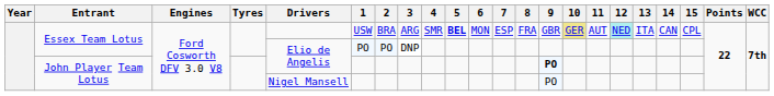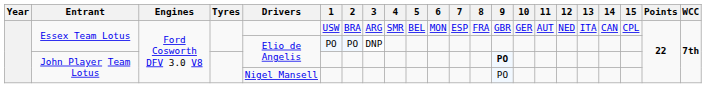 <table class="wikitable" style="text-align:center; font-size:90%">
 <tr>
 <th>Year</th>
 <th>Entrant</th>
 <th>Engines</th>
 <th>Tyres</th>
 <th>Drivers</th>
 <th>1</th>
 <th>2</th>
 <th>3</th>
 <th>4</th>
 <th>5</th>
 <th>6</th>
 <th>7</th>
 <th>8</th>
 <th>9</th>
 <th>10</th>
 <th>11</th>
 <th>12</th>
 <th>13</th>
 <th>14</th>
 <th>15</th>
 <th>Points</th>
 <th>WCC</th>
 </tr>
 <tr>
 <th rowspan="4"></th>
 <td rowspan="2"><a href='#'>Essex Team Lotus</a></td>
 <td rowspan="4"><a href='#'>Ford</a> <a href='#'>Cosworth<br> DFV</a> 3.0 <a href='#'>V8</a></td>
 <td rowspan="2"></td>
 <td></td>
 <td><a href='#'>USW</a></td>
 <td><a href='#'>BRA</a></td>
 <td><a href='#'>ARG</a></td>
 <td><a href='#'>SMR</a></td>
-<td><strong><a href='#'>BEL</a></strong></td>
+<td><a href='#'>BEL</a></td>
 <td><a href='#'>MON</a></td>
 <td><a href='#'>ESP</a></td>
 <td><a href='#'>FRA</a></td>
 <td><a href='#'>GBR</a></td>
-<td style="background: khaki;"><a href='#'>GER</a></td>
+<td><a href='#'>GER</a></td>
 <td><a href='#'>AUT</a></td>
-<td style="background: paleturquoise;"><a href='#'>NED</a></td>
+<td><a href='#'>NED</a></td>
 <td><a href='#'>ITA</a></td>
 <td><a href='#'>CAN</a></td>
 <td><a href='#'>CPL</a></td>
 <td rowspan="4"><strong>22</strong></td>
 <td rowspan="4"><strong>7th</strong></td>
 </tr>
 <tr>
 <td rowspan="2"><a href='#'>Elio de Angelis</a></td>
 <td style="background:#F1F8FF;">PO</td>
 <td style="background:#F1F8FF;">PO</td>
 <td style="background:#FFFFFF;">DNP</td>
 <td></td>
 <td></td>
 <td></td>
 <td></td>
 <td></td>
 <td></td>
 <td></td>
 <td></td>
 <td></td>
 <td></td>
 <td></td>
 <td></td>
 </tr>
 <tr>
 <td rowspan="2"><a href='#'>John Player</a> <a href='#'>Team Lotus</a></td>
 <td rowspan="2"></td>
 <td></td>
 <td></td>
 <td></td>
 <td></td>
 <td></td>
 <td></td>
 <td></td>
 <td></td>
 <td style="background:#F1F8FF;"><strong>PO</strong></td>
 <td></td>
 <td></td>
 <td></td>
 <td></td>
 <td></td>
 <td></td>
 </tr>
 <tr>
 <td><a href='#'>Nigel Mansell</a></td>
 <td></td>
 <td></td>
 <td></td>
 <td></td>
 <td></td>
 <td></td>
 <td></td>
 <td></td>
 <td style="background:#F1F8FF;">PO</td>
 <td></td>
 <td></td>
 <td></td>
 <td></td>
 <td></td>
 <td></td>
 </tr>
 </table>
